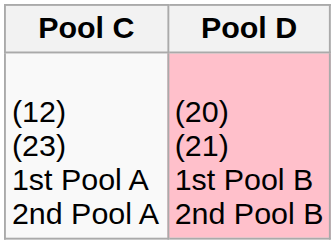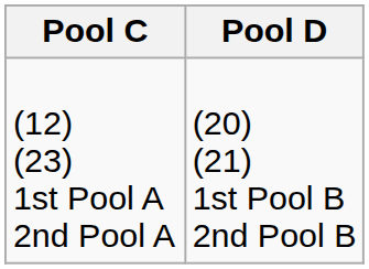 <table class="wikitable">
 <tr>
 <th width=50%>Pool C</th>
 <th width=50%>Pool D</th>
 </tr>
 <tr>
 <td><br> (12)<br>  (23)<br> 1st Pool A<br> 2nd Pool A</td>
-<td style="background: pink;"><br> (20)<br>  (21)<br> 1st Pool B<br> 2nd Pool B</td>
+<td><br> (20)<br>  (21)<br> 1st Pool B<br> 2nd Pool B</td>
 </tr>
 </table>
